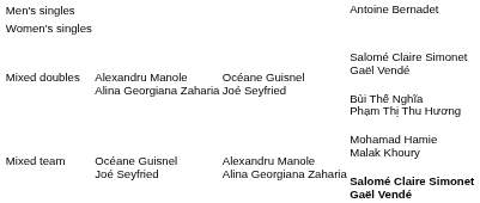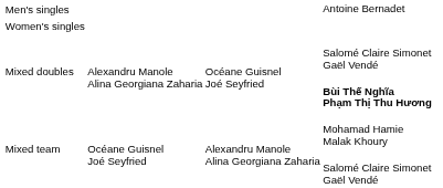 <table>
 <tr>
 <td rowspan=2>Men's singles</td>
 <td rowspan=2></td>
 <td rowspan=2></td>
 <td>Antoine Bernadet<br></td>
 </tr>
 <tr>
 <td></td>
 </tr>
 <tr>
 <td rowspan=2>Women's singles</td>
 <td rowspan=2></td>
 <td rowspan=2></td>
 <td></td>
 </tr>
 <tr>
 <td></td>
 </tr>
 <tr>
 <td rowspan=2>Mixed doubles</td>
 <td rowspan=2 nowrap><br>Alexandru Manole<br>Alina Georgiana Zaharia</td>
 <td rowspan=2><br>Océane Guisnel<br>Joé Seyfried</td>
 <td><br>Salomé Claire Simonet<br>Gaël Vendé</td>
 </tr>
 <tr>
-<td><br>Bùi Thế Nghĩa<br>Phạm Thị Thu Hương</td>
+<td><strong><br>Bùi Thế Nghĩa<br>Phạm Thị Thu Hương</strong></td>
 </tr>
 <tr>
 <td rowspan=2>Mixed team</td>
 <td rowspan=2><br>Océane Guisnel<br>Joé Seyfried</td>
 <td rowspan=2 nowrap><br>Alexandru Manole<br>Alina Georgiana Zaharia</td>
 <td><br>Mohamad Hamie<br>Malak Khoury</td>
 </tr>
 <tr>
-<td nowrap><strong><br>Salomé Claire Simonet<br>Gaël Vendé</strong></td>
+<td nowrap><br>Salomé Claire Simonet<br>Gaël Vendé</td>
 </tr>
 </table>
